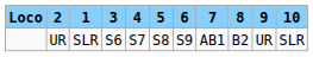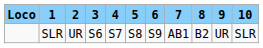 <table class="wikitable plainrowheaders unsortable" style="text-align:center">
 <tr>
 <th scope="col" rowspan="1" style="background:lightskyblue;">Loco</th>
+<th scope="col" rowspan="1" style="background:lightskyblue;">1</th>
 <th scope="col" rowspan="1" style="background:lightskyblue;">2</th>
-<th scope="col" rowspan="1" style="background:lightskyblue;">1</th>
 <th scope="col" rowspan="1" style="background:lightskyblue;">3</th>
 <th scope="col" rowspan="1" style="background:lightskyblue;">4</th>
 <th scope="col" rowspan="1" style="background:lightskyblue;">5</th>
 <th scope="col" rowspan="1" style="background:lightskyblue;">6</th>
 <th scope="col" rowspan="1" style="background:lightskyblue;">7</th>
 <th scope="col" rowspan="1" style="background:lightskyblue;">8</th>
 <th scope="col" rowspan="1" style="background:lightskyblue;">9</th>
 <th scope="col" rowspan="1" style="background:lightskyblue;">10</th>
 </tr>
 <tr>
 <td></td>
+<td>SLR</td>
 <td>UR</td>
-<td>SLR</td>
 <td>S6</td>
 <td>S7</td>
 <td>S8</td>
 <td>S9</td>
 <td>AB1</td>
 <td>B2</td>
 <td>UR</td>
 <td>SLR</td>
 </tr>
 </table>
